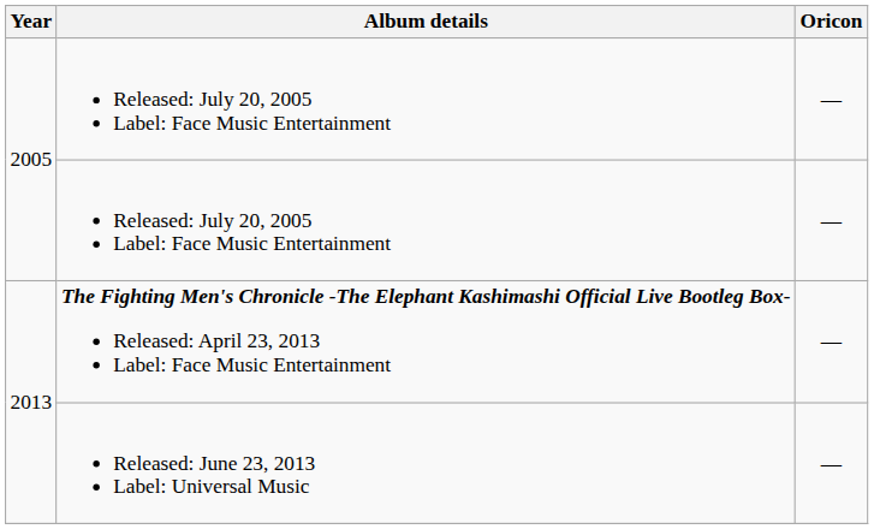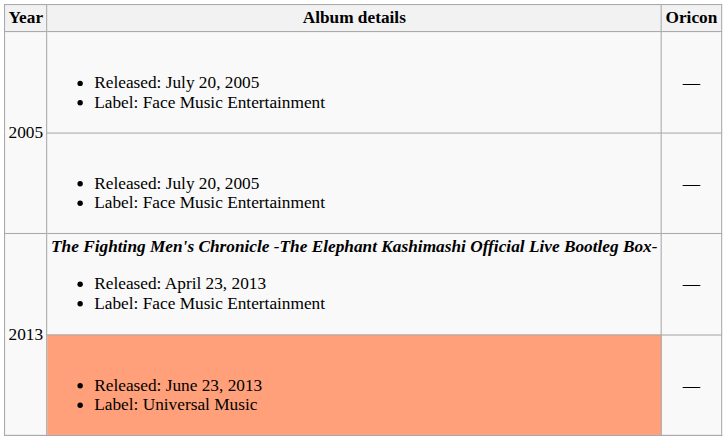 <table class="wikitable">
 <tr>
 <th>Year</th>
 <th>Album details</th>
 <th>Oricon</th>
 </tr>
 <tr>
 <td rowspan="2">2005</td>
 <td><br><ul><li>Released: July 20, 2005</li><li>Label: Face Music Entertainment</li></ul></td>
 <td align="center">—</td>
 </tr>
 <tr>
 <td><br><ul><li>Released: July 20, 2005</li><li>Label: Face Music Entertainment</li></ul></td>
 <td align="center">—</td>
 </tr>
 <tr>
 <td rowspan="2">2013</td>
 <td><strong><em>The Fighting Men's Chronicle -The Elephant Kashimashi Official Live Bootleg Box-</em></strong><br><ul><li>Released: April 23, 2013</li><li>Label: Face Music Entertainment</li></ul></td>
 <td align="center">—</td>
 </tr>
 <tr>
-<td><br><ul><li>Released: June 23, 2013</li><li>Label: Universal Music</li></ul></td>
+<td style="background: lightsalmon;"><br><ul><li>Released: June 23, 2013</li><li>Label: Universal Music</li></ul></td>
 <td align="center">—</td>
 </tr>
 <tr>
 </tr>
 </table>
